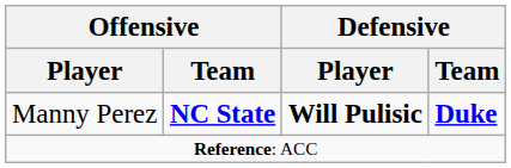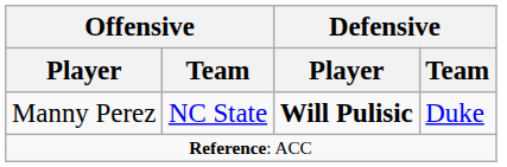 <table class="wikitable">
 <tr>
 <th colspan="2">Offensive</th>
 <th colspan="2">Defensive</th>
 </tr>
 <tr>
 <th>Player</th>
 <th>Team</th>
 <th>Player</th>
 <th>Team</th>
 </tr>
 <tr>
 <td>Manny Perez</td>
-<td><strong><a href='#'>NC State</a></strong></td>
+<td><a href='#'>NC State</a></td>
 <td><strong>Will Pulisic</strong></td>
-<td><strong><a href='#'>Duke</a></strong></td>
+<td><a href='#'>Duke</a></td>
 </tr>
 <tr>
 <td colspan="12"  style="font-size:8pt; text-align:center;"><strong>Reference</strong>: ACC</td>
 </tr>
 </table>
